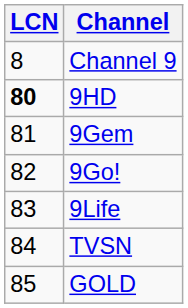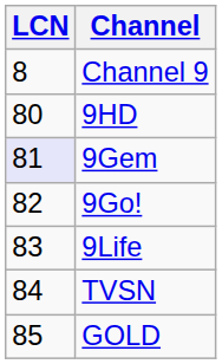 <table class="wikitable">
 <tr>
 <th><a href='#'>LCN</a></th>
 <th><a href='#'>Channel</a></th>
 </tr>
 <tr>
 <td>8</td>
 <td><a href='#'>Channel 9</a></td>
 </tr>
 <tr>
-<td><strong>80</strong></td>
+<td>80</td>
 <td><a href='#'>9HD</a></td>
 </tr>
 <tr>
-<td>81</td>
+<td style="background: lavender;">81</td>
 <td><a href='#'>9Gem</a></td>
 </tr>
 <tr>
 <td>82</td>
 <td><a href='#'>9Go!</a></td>
 </tr>
 <tr>
 <td>83</td>
 <td><a href='#'>9Life</a></td>
 </tr>
 <tr>
 <td>84</td>
 <td><a href='#'>TVSN</a></td>
 </tr>
 <tr>
 <td>85</td>
 <td><a href='#'>GOLD</a></td>
 </tr>
 </table>
